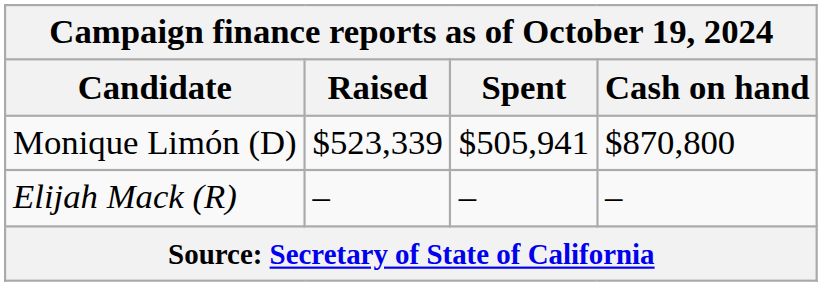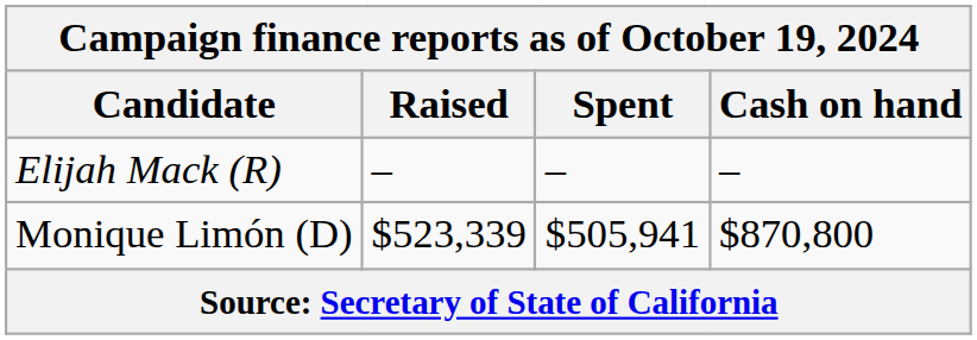 <table class="wikitable sortable">
 <tr>
 <th colspan=4>Campaign finance reports as of October 19, 2024</th>
 </tr>
 <tr style="text-align:center;">
 <th>Candidate</th>
 <th>Raised</th>
 <th>Spent</th>
 <th>Cash on hand</th>
 </tr>
 <tr>
+<td><em>Elijah Mack (R)</em></td>
+<td>–</td>
+<td>–</td>
+<td>–</td>
+</tr>
+<tr>
 <td>Monique Limón (D)</td>
 <td>$523,339</td>
 <td>$505,941</td>
 <td>$870,800</td>
 </tr>
 <tr>
-<td><em>Elijah Mack (R)</em></td>
-<td>–</td>
-<td>–</td>
-<td>–</td>
-</tr>
-<tr>
 <th colspan="4"><small>Source: <a href='#'>Secretary of State of California</a></small></th>
 </tr>
 </table>
